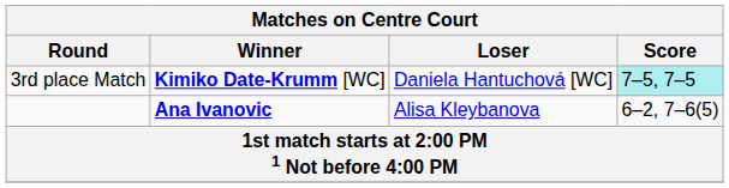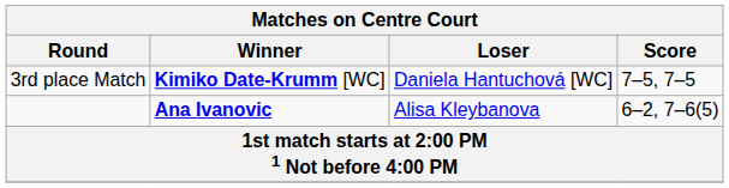 <table class="wikitable collapsible uncollapsed" style="margin:0.2em auto;">
 <tr>
 <th colspan=4>Matches on Centre Court</th>
 </tr>
 <tr>
 <th>Round</th>
 <th>Winner</th>
 <th>Loser</th>
 <th>Score</th>
 </tr>
 <tr align=left>
 <td>3rd place Match</td>
 <td> <strong><a href='#'>Kimiko Date-Krumm</a></strong> [WC]</td>
 <td> <a href='#'>Daniela Hantuchová</a> [WC]</td>
-<td style="background: paleturquoise;">7–5, 7–5</td>
+<td>7–5, 7–5</td>
 </tr>
 <tr align=left>
 <td></td>
 <td> <strong><a href='#'>Ana Ivanovic</a></strong></td>
 <td> <a href='#'>Alisa Kleybanova</a></td>
 <td>6–2, 7–6(5)</td>
 </tr>
 <tr align=center>
 <th colspan=4>1st match starts at 2:00 PM <br> <sup>1</sup> Not before 4:00 PM</th>
 </tr>
 <tr>
 </tr>
 </table>
